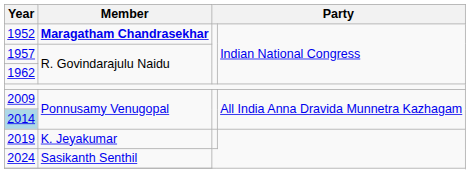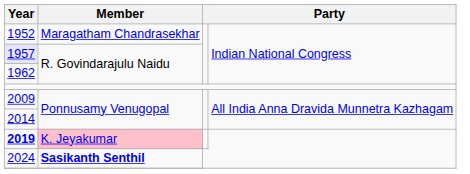 <table class="wikitable">
 <tr>
 <th>Year</th>
 <th>Member</th>
 <th colspan="2">Party</th>
 </tr>
 <tr --->
 <td><a href='#'>1952</a></td>
-<td><strong><a href='#'>Maragatham Chandrasekhar</a></strong></td>
+<td><a href='#'>Maragatham Chandrasekhar</a></td>
 <td rowspan="3" style="background-color: "></td>
 <td rowspan="3"><a href='#'>Indian National Congress</a></td>
 </tr>
 <tr --->
-<td><a href='#'>1957</a></td>
+<td style="background: lavender;"><a href='#'>1957</a></td>
 <td rowspan=2>R. Govindarajulu Naidu</td>
 </tr>
 <tr --->
 <td><a href='#'>1962</a></td>
 </tr>
 <tr>
 <td colspan="4"></td>
 </tr>
 <tr --->
 <td><a href='#'>2009</a></td>
 <td rowspan="2"><a href='#'>Ponnusamy Venugopal</a></td>
 <td rowspan="2" style="background-color: "></td>
 <td rowspan="2"><a href='#'>All India Anna Dravida Munnetra Kazhagam</a></td>
 </tr>
 <tr --->
-<td style="background: lightblue;"><a href='#'>2014</a></td>
+<td><a href='#'>2014</a></td>
 </tr>
 <tr --->
-<td><a href='#'>2019</a></td>
-<td><a href='#'>K. Jeyakumar</a></td>
+<td><strong><a href='#'>2019</a></strong></td>
+<td style="background: pink;"><a href='#'>K. Jeyakumar</a></td>
 <td></td>
 </tr>
 <tr>
 <td><a href='#'>2024</a></td>
-<td><a href='#'>Sasikanth Senthil</a></td>
+<td><strong><a href='#'>Sasikanth Senthil</a></strong></td>
 </tr>
 <tr>
 </tr>
 </table>
